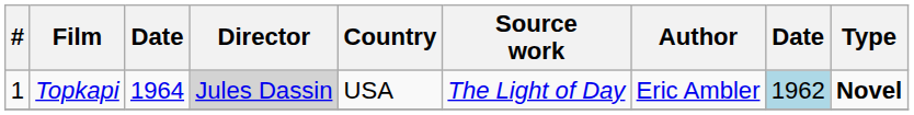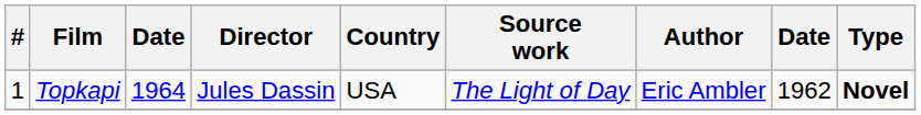 <table class="wikitable">
 <tr>
 <th>#</th>
 <th>Film</th>
 <th>Date</th>
 <th>Director</th>
 <th>Country</th>
 <th>Source<br>work</th>
 <th>Author</th>
 <th>Date</th>
 <th>Type</th>
 </tr>
 <tr>
 <td>1</td>
 <td><em><a href='#'>Topkapi</a></em></td>
 <td><a href='#'>1964</a></td>
-<td style="background: lightgrey;"><a href='#'>Jules Dassin</a></td>
+<td><a href='#'>Jules Dassin</a></td>
 <td>USA</td>
 <td><em><a href='#'>The Light of Day</a></em></td>
 <td><a href='#'>Eric Ambler</a></td>
-<td style="background: lightblue;">1962</td>
+<td>1962</td>
 <td><strong>Novel</strong></td>
 </tr>
 <tr>
 </tr>
 </table>
